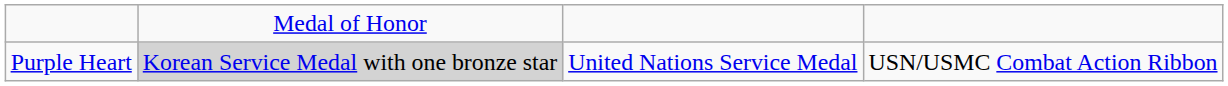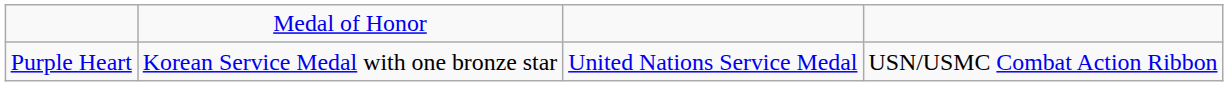 <table class="wikitable" style="margin:1em auto; text-align:center;">
 <tr>
 <td></td>
 <td><a href='#'>Medal of Honor</a></td>
 <td></td>
 </tr>
 <tr>
 <td><a href='#'>Purple Heart</a></td>
-<td style="background: lightgrey;"><a href='#'>Korean Service Medal</a> with one bronze star</td>
+<td><a href='#'>Korean Service Medal</a> with one bronze star</td>
 <td><a href='#'>United Nations Service Medal</a></td>
 <td>USN/USMC <a href='#'>Combat Action Ribbon</a></td>
 </tr>
 </table>
